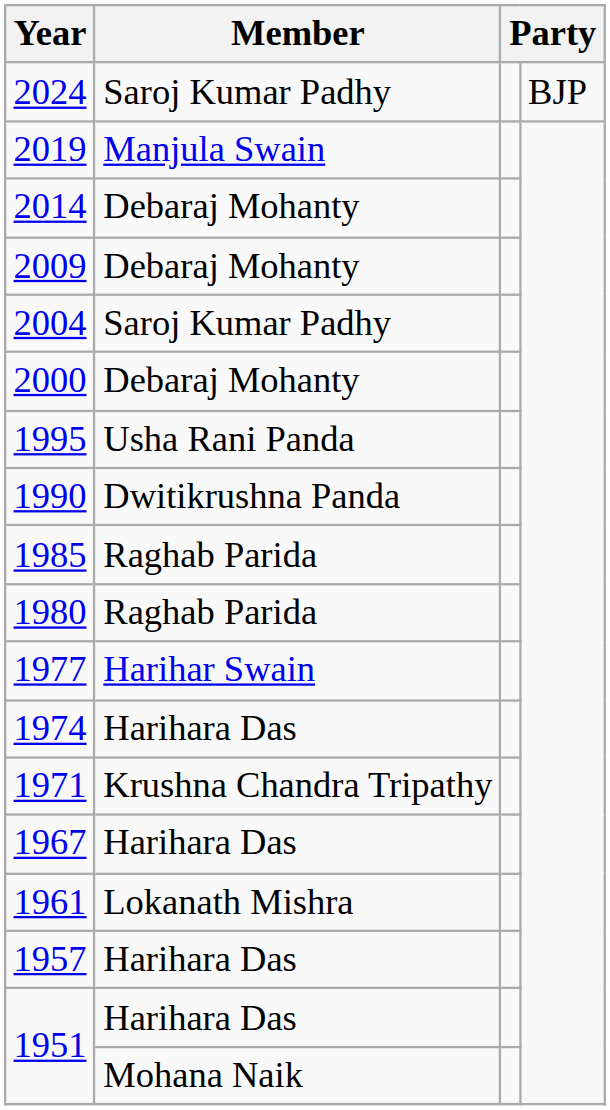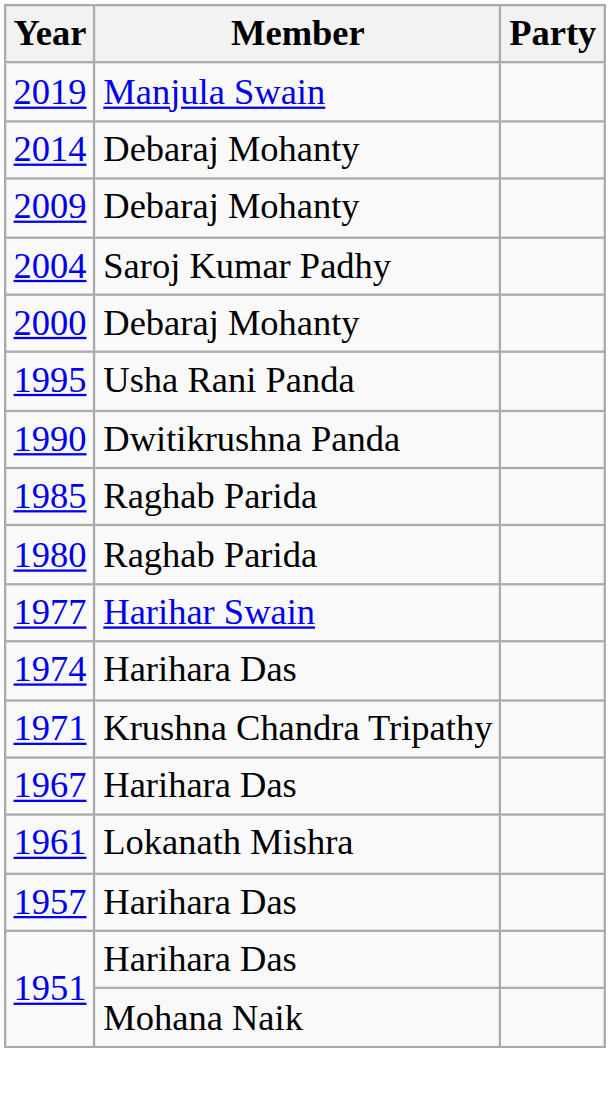 <table class="wikitable sortable">
 <tr>
 <th>Year</th>
 <th>Member</th>
 <th colspan=2>Party</th>
-</tr>
-<tr>
-<td><a href='#'>2024</a></td>
-<td>Saroj Kumar Padhy</td>
-<td></td>
-<td>BJP</td>
 </tr>
 <tr>
 <td><a href='#'>2019</a></td>
 <td><a href='#'>Manjula Swain</a></td>
 <td></td>
 </tr>
 <tr>
 <td><a href='#'>2014</a></td>
 <td>Debaraj Mohanty</td>
 <td></td>
 </tr>
 <tr>
 <td><a href='#'>2009</a></td>
 <td>Debaraj Mohanty</td>
 <td></td>
 </tr>
 <tr>
 <td><a href='#'>2004</a></td>
 <td>Saroj Kumar Padhy</td>
 <td></td>
 </tr>
 <tr>
 <td><a href='#'>2000</a></td>
 <td>Debaraj Mohanty</td>
 <td></td>
 </tr>
 <tr>
 <td><a href='#'>1995</a></td>
 <td>Usha Rani Panda</td>
 <td></td>
 </tr>
 <tr>
 <td><a href='#'>1990</a></td>
 <td>Dwitikrushna Panda</td>
 <td></td>
 </tr>
 <tr>
 <td><a href='#'>1985</a></td>
 <td>Raghab Parida</td>
 <td></td>
 </tr>
 <tr>
 <td><a href='#'>1980</a></td>
 <td>Raghab Parida</td>
 <td></td>
 </tr>
 <tr>
 <td><a href='#'>1977</a></td>
 <td><a href='#'>Harihar Swain</a></td>
 <td></td>
 </tr>
 <tr>
 <td><a href='#'>1974</a></td>
 <td>Harihara Das</td>
 <td></td>
 </tr>
 <tr>
 <td><a href='#'>1971</a></td>
 <td>Krushna Chandra Tripathy</td>
 <td></td>
 </tr>
 <tr>
 <td><a href='#'>1967</a></td>
 <td>Harihara Das</td>
 <td></td>
 </tr>
 <tr>
 <td><a href='#'>1961</a></td>
 <td>Lokanath Mishra</td>
 <td></td>
 </tr>
 <tr>
 <td><a href='#'>1957</a></td>
 <td>Harihara Das</td>
 <td></td>
 </tr>
 <tr>
 <td rowspan="2"><a href='#'>1951</a></td>
 <td>Harihara Das</td>
 <td></td>
 </tr>
 <tr>
 <td>Mohana Naik</td>
 <td></td>
 </tr>
 <tr>
 </tr>
 </table>
